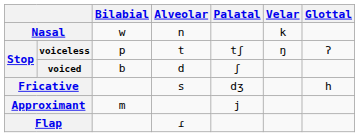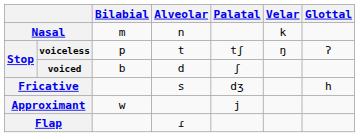 <table class="wikitable">
 <tr>
 <th colspan="2"></th>
 <th><a href='#'>Bilabial</a></th>
 <th><a href='#'>Alveolar</a></th>
 <th><a href='#'>Palatal</a></th>
 <th><a href='#'>Velar</a></th>
 <th><a href='#'>Glottal</a></th>
 </tr>
 <tr align="center">
 <th colspan="2"><a href='#'>Nasal</a></th>
-<td>w</td>
+<td>m</td>
 <td>n</td>
 <td></td>
 <td>k</td>
 <td></td>
 </tr>
 <tr align="center">
 <th rowspan="2"><a href='#'>Stop</a></th>
 <th><small>voiceless</small></th>
 <td>p</td>
 <td>t</td>
 <td>tʃ</td>
 <td>ŋ</td>
 <td>ʔ</td>
 </tr>
 <tr align="center">
 <th><small>voiced</small></th>
 <td>b</td>
 <td>d</td>
 <td>ʃ</td>
 <td></td>
 <td></td>
 </tr>
 <tr align="center">
 <th colspan="2"><a href='#'>Fricative</a></th>
 <td></td>
 <td>s</td>
 <td>dʒ</td>
 <td></td>
 <td>h</td>
 </tr>
 <tr align="center">
 <th colspan="2"><a href='#'>Approximant</a></th>
-<td>m</td>
+<td>w</td>
 <td></td>
 <td>j</td>
 <td></td>
 <td></td>
 </tr>
 <tr align="center">
 <th colspan="2"><a href='#'>Flap</a></th>
 <td></td>
 <td>ɾ</td>
 <td></td>
 <td></td>
 <td></td>
 </tr>
 </table>
